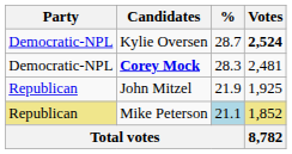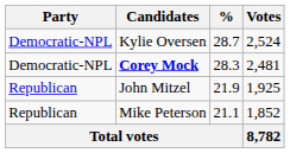 <table class="wikitable">
 <tr>
 <th>Party</th>
 <th>Candidates</th>
 <th>%</th>
 <th>Votes</th>
 </tr>
 <tr>
 <td> <a href='#'>Democratic-NPL</a></td>
 <td>Kylie Oversen</td>
 <td>28.7</td>
-<td><strong>2,524</strong></td>
+<td>2,524</td>
 </tr>
 <tr>
 <td> Democratic-NPL</td>
 <td><strong><a href='#'>Corey Mock</a></strong></td>
 <td>28.3</td>
 <td>2,481</td>
 </tr>
 <tr>
 <td> <a href='#'>Republican</a></td>
 <td>John Mitzel</td>
 <td>21.9</td>
 <td>1,925</td>
 </tr>
 <tr>
-<td style="background: khaki;"> Republican</td>
+<td> Republican</td>
 <td>Mike Peterson</td>
-<td style="background: lightblue;">21.1</td>
-<td style="background: khaki;">1,852</td>
+<td>21.1</td>
+<td>1,852</td>
 </tr>
 <tr>
 <th colspan="3">Total votes</th>
 <th>8,782</th>
 </tr>
 </table>
